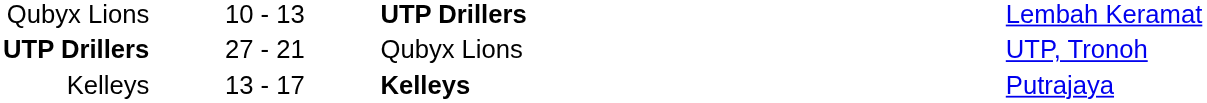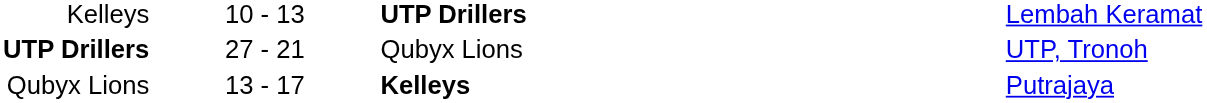 <table width=100% cellspacing=1>
 <tr>
 <th width=25%></th>
 <th width=10%></th>
 <th></th>
 </tr>
 <tr>
 </tr>
 <tr style=font-size:90%>
-<td align=right>Qubyx Lions </td>
+<td align=right>Kelleys </td>
 <td align=center>10 - 13</td>
 <td> <strong>UTP Drillers</strong></td>
 <td><a href='#'>Lembah Keramat</a></td>
 </tr>
 <tr>
 </tr>
 <tr style=font-size:90%>
 <td align=right><strong>UTP Drillers</strong> </td>
 <td align=center>27 - 21</td>
 <td> Qubyx Lions</td>
 <td><a href='#'>UTP, Tronoh</a></td>
 </tr>
 <tr>
 </tr>
 <tr style=font-size:90%>
-<td align=right>Kelleys </td>
+<td align=right>Qubyx Lions </td>
 <td align=center>13 - 17</td>
 <td> <strong>Kelleys</strong></td>
 <td><a href='#'>Putrajaya</a></td>
 </tr>
 </table>
